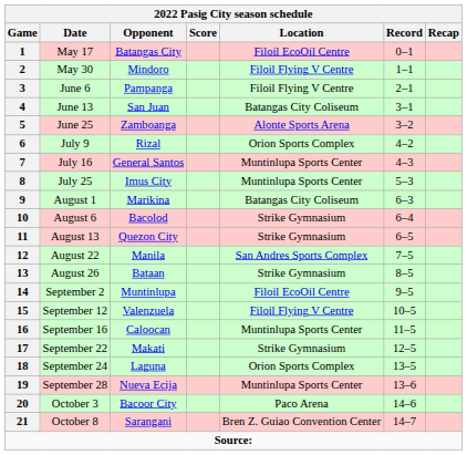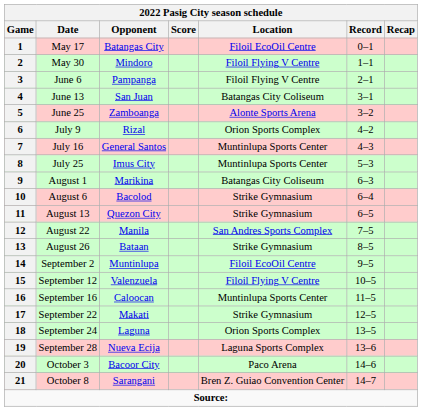 <table class="wikitable" style="text-align:center">
 <tr>
 <th colspan=7>2022 Pasig City season schedule</th>
 </tr>
 <tr>
 <th>Game</th>
 <th>Date</th>
 <th>Opponent</th>
 <th>Score</th>
 <th>Location</th>
 <th>Record</th>
 <th>Recap<br></th>
 </tr>
 <tr style="background:#fcc">
 <th>1</th>
 <td>May 17</td>
 <td><a href='#'>Batangas City</a></td>
 <td></td>
 <td><a href='#'>Filoil EcoOil Centre</a></td>
 <td>0–1</td>
 <td></td>
 </tr>
 <tr style="background:#cfc">
 <th>2</th>
 <td>May 30</td>
 <td><a href='#'>Mindoro</a></td>
 <td></td>
 <td><a href='#'>Filoil Flying V Centre</a></td>
 <td>1–1</td>
 <td></td>
 </tr>
 <tr style="background:#cfc">
 <th>3</th>
 <td>June 6</td>
 <td><a href='#'>Pampanga</a></td>
 <td></td>
 <td>Filoil Flying V Centre</td>
 <td>2–1</td>
 <td></td>
 </tr>
 <tr style="background:#cfc">
 <th>4</th>
 <td>June 13</td>
 <td><a href='#'>San Juan</a></td>
 <td></td>
 <td>Batangas City Coliseum</td>
 <td>3–1</td>
 <td></td>
 </tr>
 <tr style="background:#fcc">
 <th>5</th>
 <td>June 25</td>
 <td><a href='#'>Zamboanga</a></td>
 <td></td>
 <td><a href='#'>Alonte Sports Arena</a></td>
 <td>3–2</td>
 <td></td>
 </tr>
 <tr style="background:#cfc">
 <th>6</th>
 <td>July 9</td>
 <td><a href='#'>Rizal</a></td>
 <td></td>
 <td>Orion Sports Complex</td>
 <td>4–2</td>
 <td></td>
 </tr>
 <tr style="background:#fcc">
 <th>7</th>
 <td>July 16</td>
 <td><a href='#'>General Santos</a></td>
 <td></td>
 <td>Muntinlupa Sports Center</td>
 <td>4–3</td>
 <td><br></td>
 </tr>
 <tr style="background:#cfc">
 <th>8</th>
 <td>July 25</td>
 <td><a href='#'>Imus City</a></td>
 <td></td>
 <td>Muntinlupa Sports Center</td>
 <td>5–3</td>
 <td></td>
 </tr>
 <tr style="background:#cfc">
 <th>9</th>
 <td>August 1</td>
 <td><a href='#'>Marikina</a></td>
 <td></td>
 <td>Batangas City Coliseum</td>
 <td>6–3</td>
 <td></td>
 </tr>
 <tr style="background:#fcc">
 <th>10</th>
 <td>August 6</td>
 <td><a href='#'>Bacolod</a></td>
 <td></td>
 <td>Strike Gymnasium</td>
 <td>6–4</td>
 <td></td>
 </tr>
 <tr style="background:#fcc">
 <th>11</th>
 <td>August 13</td>
 <td><a href='#'>Quezon City</a></td>
 <td></td>
 <td>Strike Gymnasium</td>
 <td>6–5</td>
 <td></td>
 </tr>
 <tr style="background:#cfc">
 <th>12</th>
 <td>August 22</td>
 <td><a href='#'>Manila</a></td>
 <td></td>
 <td><a href='#'>San Andres Sports Complex</a></td>
 <td>7–5</td>
 <td></td>
 </tr>
 <tr style="background:#cfc">
 <th>13</th>
 <td>August 26</td>
 <td><a href='#'>Bataan</a></td>
 <td></td>
 <td>Strike Gymnasium</td>
 <td>8–5</td>
 <td></td>
 </tr>
 <tr style="background:#cfc">
 <th>14</th>
 <td>September 2</td>
 <td><a href='#'>Muntinlupa</a></td>
 <td></td>
 <td><a href='#'>Filoil EcoOil Centre</a></td>
 <td>9–5</td>
 <td><br></td>
 </tr>
 <tr style="background:#cfc">
 <th>15</th>
 <td>September 12</td>
 <td><a href='#'>Valenzuela</a></td>
 <td></td>
 <td><a href='#'>Filoil Flying V Centre</a></td>
 <td>10–5</td>
 <td></td>
 </tr>
 <tr style="background:#cfc">
 <th>16</th>
 <td>September 16</td>
 <td><a href='#'>Caloocan</a></td>
 <td></td>
 <td>Muntinlupa Sports Center</td>
 <td>11–5</td>
 <td></td>
 </tr>
 <tr style="background:#cfc">
 <th>17</th>
 <td>September 22</td>
 <td><a href='#'>Makati</a></td>
 <td></td>
 <td>Strike Gymnasium</td>
 <td>12–5</td>
 <td></td>
 </tr>
 <tr style="background:#cfc">
 <th>18</th>
 <td>September 24</td>
 <td><a href='#'>Laguna</a></td>
 <td></td>
 <td>Orion Sports Complex</td>
 <td>13–5</td>
 <td></td>
 </tr>
 <tr style="background:#fcc">
 <th>19</th>
 <td>September 28</td>
 <td><a href='#'>Nueva Ecija</a></td>
 <td></td>
-<td>Muntinlupa Sports Center</td>
+<td>Laguna Sports Complex</td>
 <td>13–6</td>
 <td></td>
 </tr>
 <tr style="background:#cfc">
 <th>20</th>
 <td>October 3</td>
 <td><a href='#'>Bacoor City</a></td>
 <td></td>
 <td>Paco Arena</td>
 <td>14–6</td>
 <td></td>
 </tr>
 <tr style="background:#fcc">
 <th>21</th>
 <td>October 8</td>
 <td><a href='#'>Sarangani</a></td>
 <td></td>
 <td>Bren Z. Guiao Convention Center</td>
 <td>14–7</td>
 <td></td>
 </tr>
 <tr>
 <td colspan=7 align=center><strong>Source: </strong></td>
 </tr>
 </table>
